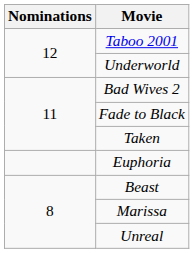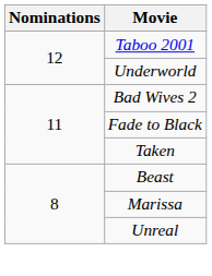 <table class="wikitable" style="text-align: center">
 <tr>
 <th scope="col" width="55">Nominations</th>
 <th scope="col" align="center">Movie</th>
 </tr>
 <tr>
 <td rowspan=2 style="text-align:center">12</td>
 <td><em><a href='#'>Taboo 2001</a></em></td>
 </tr>
 <tr>
 <td><em>Underworld</em></td>
 </tr>
 <tr>
 <td rowspan=3 style="text-align:center">11</td>
 <td><em>Bad Wives 2</em></td>
 </tr>
 <tr>
 <td><em>Fade to Black</em></td>
 </tr>
 <tr>
 <td><em>Taken</em></td>
 </tr>
 <tr>
-<td></td>
-<td><em>Euphoria</em></td>
-</tr>
-<tr>
 <td rowspan=3 style="text-align:center">8</td>
 <td><em>Beast</em></td>
 </tr>
 <tr>
 <td><em>Marissa</em></td>
 </tr>
 <tr>
 <td><em>Unreal</em></td>
 </tr>
 </table>
